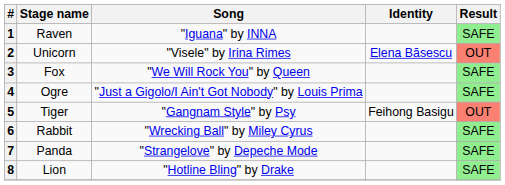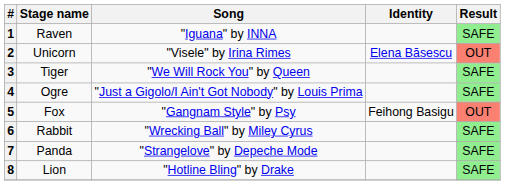 <table class="wikitable plainrowheaders" style="text-align: center;">
 <tr>
 <th>#</th>
 <th>Stage name</th>
 <th>Song</th>
 <th>Identity</th>
 <th>Result</th>
 </tr>
 <tr>
 <th>1</th>
 <td>Raven</td>
 <td>"<a href='#'>Iguana</a>" by <a href='#'>INNA</a></td>
 <td></td>
 <td bgcolor=lightgreen>SAFE</td>
 </tr>
 <tr>
 <th>2</th>
 <td>Unicorn</td>
 <td>"Visele" by <a href='#'>Irina Rimes</a></td>
 <td><a href='#'>Elena Băsescu</a></td>
 <td bgcolor=salmon>OUT</td>
 </tr>
 <tr>
 <th>3</th>
-<td>Fox</td>
+<td>Tiger</td>
 <td>"<a href='#'>We Will Rock You</a>" by <a href='#'>Queen</a></td>
 <td></td>
 <td bgcolor=lightgreen>SAFE</td>
 </tr>
 <tr>
 <th>4</th>
 <td>Ogre</td>
 <td>"<a href='#'>Just a Gigolo/I Ain't Got Nobody</a>" by <a href='#'>Louis Prima</a></td>
 <td></td>
 <td bgcolor=lightgreen>SAFE</td>
 </tr>
 <tr>
 <th>5</th>
-<td>Tiger</td>
+<td>Fox</td>
 <td>"<a href='#'>Gangnam Style</a>" by <a href='#'>Psy</a></td>
 <td>Feihong Basigu</td>
 <td bgcolor=salmon>OUT</td>
 </tr>
 <tr>
 <th>6</th>
 <td>Rabbit</td>
 <td>"<a href='#'>Wrecking Ball</a>" by <a href='#'>Miley Cyrus</a></td>
 <td></td>
 <td bgcolor=lightgreen>SAFE</td>
 </tr>
 <tr>
 <th>7</th>
 <td>Panda</td>
 <td>"<a href='#'>Strangelove</a>" by <a href='#'>Depeche Mode</a></td>
 <td></td>
 <td bgcolor=lightgreen>SAFE</td>
 </tr>
 <tr>
 <th>8</th>
 <td>Lion</td>
 <td>"<a href='#'>Hotline Bling</a>" by <a href='#'>Drake</a></td>
 <td></td>
 <td bgcolor=lightgreen>SAFE</td>
 </tr>
 <tr>
 </tr>
 </table>
